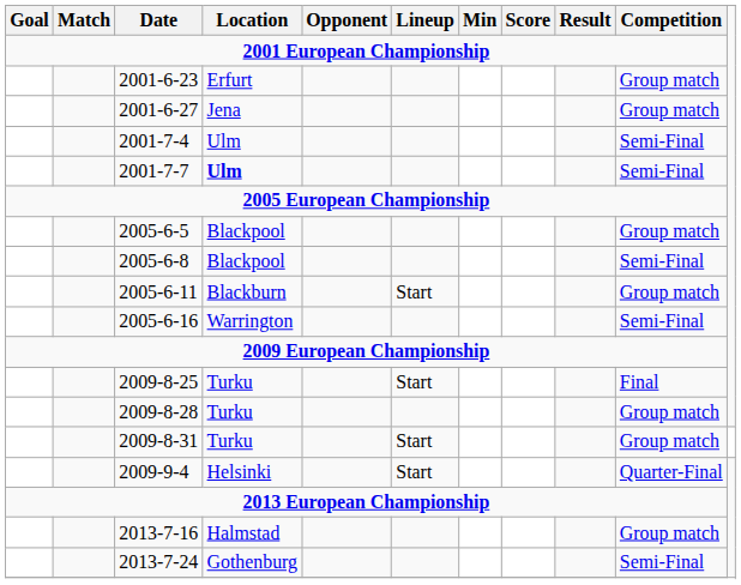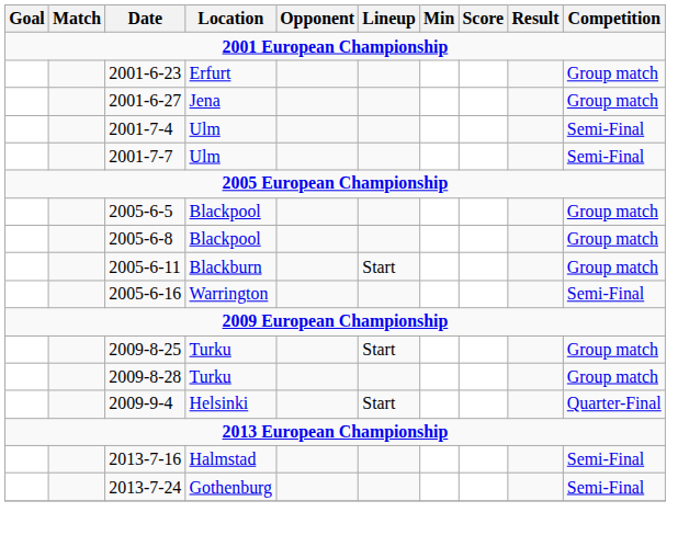 <table class="wikitable collapsible" style="fontsize:90%;">
 <tr>
 <th>Goal</th>
 <th>Match</th>
 <th>Date</th>
 <th>Location</th>
 <th>Opponent</th>
 <th>Lineup</th>
 <th>Min</th>
 <th>Score</th>
 <th>Result</th>
 <th>Competition</th>
 </tr>
 <tr>
 <td colspan=10 align=center><strong><a href='#'>2001 European Championship</a></strong></td>
 </tr>
 <tr>
 <td style="background:white;"></td>
 <td></td>
 <td>2001-6-23</td>
 <td><a href='#'>Erfurt</a></td>
 <td></td>
 <td></td>
 <td style="background:white;"></td>
 <td style="background:white;"></td>
 <td></td>
 <td><a href='#'>Group match</a></td>
 </tr>
 <tr>
 <td style="background:white;"></td>
 <td></td>
 <td>2001-6-27</td>
 <td><a href='#'>Jena</a></td>
 <td></td>
 <td></td>
 <td style="background:white;"></td>
 <td style="background:white;"></td>
 <td></td>
 <td><a href='#'>Group match</a></td>
 </tr>
 <tr>
 <td style="background:white;"></td>
 <td></td>
 <td>2001-7-4</td>
 <td><a href='#'>Ulm</a></td>
 <td></td>
 <td></td>
 <td style="background:white;"></td>
 <td style="background:white;"></td>
 <td></td>
 <td><a href='#'>Semi-Final</a></td>
 </tr>
 <tr>
 <td style="background:white;"></td>
 <td></td>
 <td>2001-7-7</td>
-<td><strong><a href='#'>Ulm</a></strong></td>
+<td><a href='#'>Ulm</a></td>
 <td></td>
 <td></td>
 <td style="background:white;"></td>
 <td style="background:white;"></td>
 <td></td>
 <td><a href='#'>Semi-Final</a></td>
 </tr>
 <tr>
 <td colspan=10 align=center><strong><a href='#'>2005 European Championship</a></strong></td>
 </tr>
 <tr>
 <td style="background:white;"></td>
 <td></td>
 <td>2005-6-5</td>
 <td><a href='#'>Blackpool</a></td>
 <td></td>
 <td></td>
 <td style="background:white;"></td>
 <td style="background:white;"></td>
 <td></td>
 <td><a href='#'>Group match</a></td>
 </tr>
 <tr>
 <td style="background:white;"></td>
 <td></td>
 <td>2005-6-8</td>
 <td><a href='#'>Blackpool</a></td>
 <td></td>
 <td></td>
 <td style="background:white;"></td>
 <td style="background:white;"></td>
 <td></td>
-<td><a href='#'>Semi-Final</a></td>
+<td><a href='#'>Group match</a></td>
 </tr>
 <tr>
 <td style="background:white;"></td>
 <td></td>
 <td>2005-6-11</td>
 <td><a href='#'>Blackburn</a></td>
 <td></td>
 <td>Start</td>
 <td style="background:white;"></td>
 <td style="background:white;"></td>
 <td></td>
 <td><a href='#'>Group match</a></td>
 </tr>
 <tr>
 <td style="background:white;"></td>
 <td></td>
 <td>2005-6-16</td>
 <td><a href='#'>Warrington</a></td>
 <td></td>
 <td></td>
 <td style="background:white;"></td>
 <td style="background:white;"></td>
 <td></td>
 <td><a href='#'>Semi-Final</a></td>
 </tr>
 <tr>
 <td colspan=10 align=center><strong><a href='#'>2009 European Championship</a></strong></td>
 </tr>
 <tr>
 <td style="background:white;"></td>
 <td></td>
 <td>2009-8-25</td>
 <td><a href='#'>Turku</a></td>
 <td></td>
 <td>Start</td>
 <td style="background:white;"></td>
 <td style="background:white;"></td>
 <td></td>
-<td><a href='#'>Final</a></td>
+<td><a href='#'>Group match</a></td>
 </tr>
 <tr>
 <td style="background:white;"></td>
 <td></td>
 <td>2009-8-28</td>
 <td><a href='#'>Turku</a></td>
 <td></td>
 <td></td>
 <td style="background:white;"></td>
 <td style="background:white;"></td>
 <td></td>
 <td><a href='#'>Group match</a></td>
-</tr>
-<tr>
-<td style="background:white;"></td>
-<td></td>
-<td>2009-8-31</td>
-<td><a href='#'>Turku</a></td>
-<td></td>
-<td>Start</td>
-<td style="background:white;"></td>
-<td style="background:white;"></td>
-<td></td>
-<td><a href='#'>Group match</a></td>
-<td style="background:white;"></td>
 </tr>
 <tr>
 <td style="background:white;"></td>
 <td></td>
 <td>2009-9-4</td>
 <td><a href='#'>Helsinki</a></td>
 <td></td>
 <td>Start</td>
 <td style="background:white;"></td>
 <td style="background:white;"></td>
 <td></td>
 <td><a href='#'>Quarter-Final</a></td>
 </tr>
 <tr>
 <td colspan=10 align=center><strong><a href='#'>2013 European Championship</a></strong></td>
 </tr>
 <tr>
 <td style="background:white;"></td>
 <td></td>
 <td>2013-7-16</td>
 <td><a href='#'>Halmstad</a></td>
 <td></td>
 <td></td>
 <td style="background:white;"></td>
 <td style="background:white;"></td>
 <td></td>
-<td><a href='#'>Group match</a></td>
+<td><a href='#'>Semi-Final</a></td>
 </tr>
 <tr>
 <td style="background:white;"></td>
 <td></td>
 <td>2013-7-24</td>
 <td><a href='#'>Gothenburg</a></td>
 <td></td>
 <td></td>
 <td style="background:white;"></td>
 <td style="background:white;"></td>
 <td></td>
 <td><a href='#'>Semi-Final</a></td>
 </tr>
 <tr>
 </tr>
 </table>
